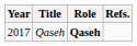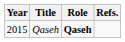 <table class="wikitable">
 <tr>
 <th>Year</th>
 <th>Title</th>
 <th>Role</th>
 <th>Refs.</th>
 </tr>
 <tr>
-<td>2017</td>
+<td>2015</td>
 <td><em>Qaseh</em></td>
 <td><strong>Qaseh</strong></td>
 <td></td>
 </tr>
 </table>
